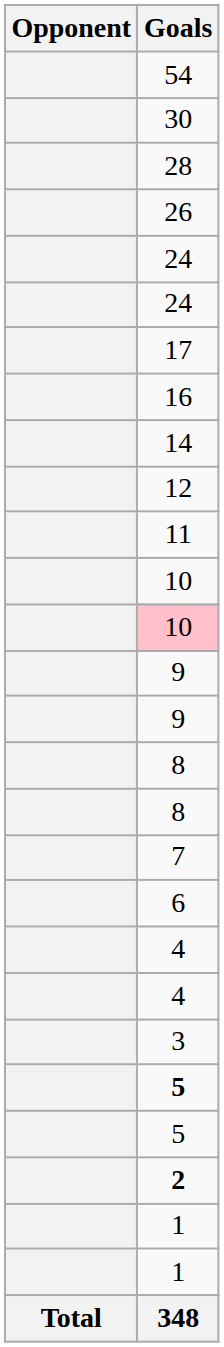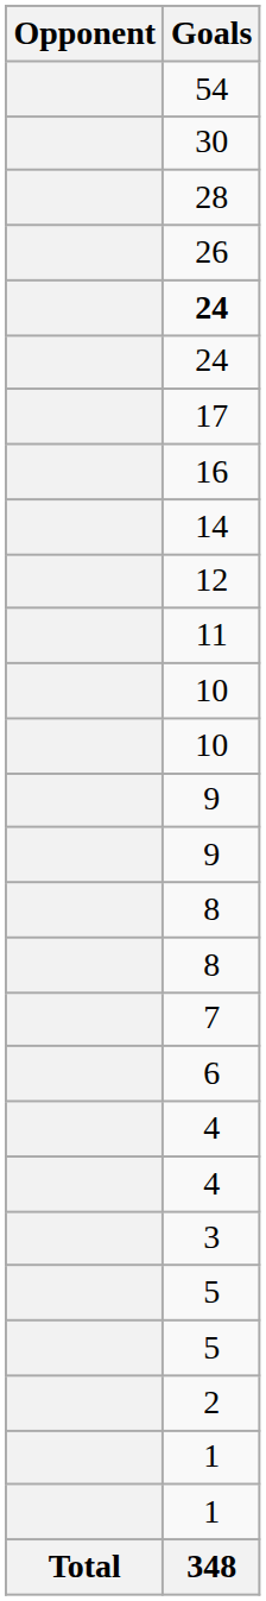 <table class="wikitable sortable" style="font-size:90%; text-align:center;">
 <tr>
 <th>Opponent</th>
 <th>Goals</th>
 </tr>
 <tr>
 <th></th>
 <td>54</td>
 </tr>
 <tr>
 <th></th>
 <td>30</td>
 </tr>
 <tr>
 <th></th>
 <td>28</td>
 </tr>
 <tr>
 <th></th>
 <td>26</td>
 </tr>
 <tr>
 <th></th>
-<td>24</td>
+<td><strong>24</strong></td>
 </tr>
 <tr>
 <th></th>
 <td>24</td>
 </tr>
 <tr>
 <th></th>
 <td>17</td>
 </tr>
 <tr>
 <th></th>
 <td>16</td>
 </tr>
 <tr>
 <th></th>
 <td>14</td>
 </tr>
 <tr>
 <th></th>
 <td>12</td>
 </tr>
 <tr>
 <th></th>
 <td>11</td>
 </tr>
 <tr>
 <th></th>
 <td>10</td>
 </tr>
 <tr>
 <th></th>
-<td style="background: pink;">10</td>
+<td>10</td>
 </tr>
 <tr>
 <th></th>
 <td>9</td>
 </tr>
 <tr>
 <th></th>
 <td>9</td>
 </tr>
 <tr>
 <th></th>
 <td>8</td>
 </tr>
 <tr>
 <th></th>
 <td>8</td>
 </tr>
 <tr>
 <th></th>
 <td>7</td>
 </tr>
 <tr>
 <th></th>
 <td>6</td>
 </tr>
 <tr>
 <th></th>
 <td>4</td>
 </tr>
 <tr>
 <th></th>
 <td>4</td>
 </tr>
 <tr>
 <th></th>
 <td>3</td>
 </tr>
 <tr>
 <th></th>
-<td><strong>5</strong></td>
+<td>5</td>
 </tr>
 <tr>
 <th></th>
 <td>5</td>
 </tr>
 <tr>
 <th></th>
-<td><strong>2</strong></td>
+<td>2</td>
 </tr>
 <tr>
 <th></th>
 <td>1</td>
 </tr>
 <tr>
 <th></th>
 <td>1</td>
 </tr>
 <tr>
 <th>Total</th>
 <th>348</th>
 </tr>
 </table>
